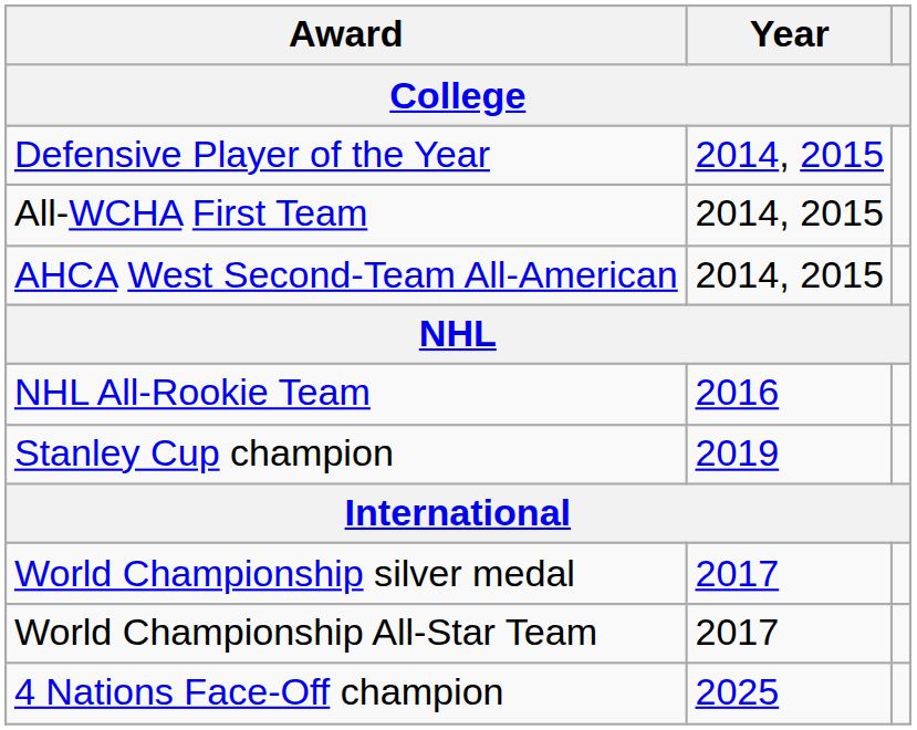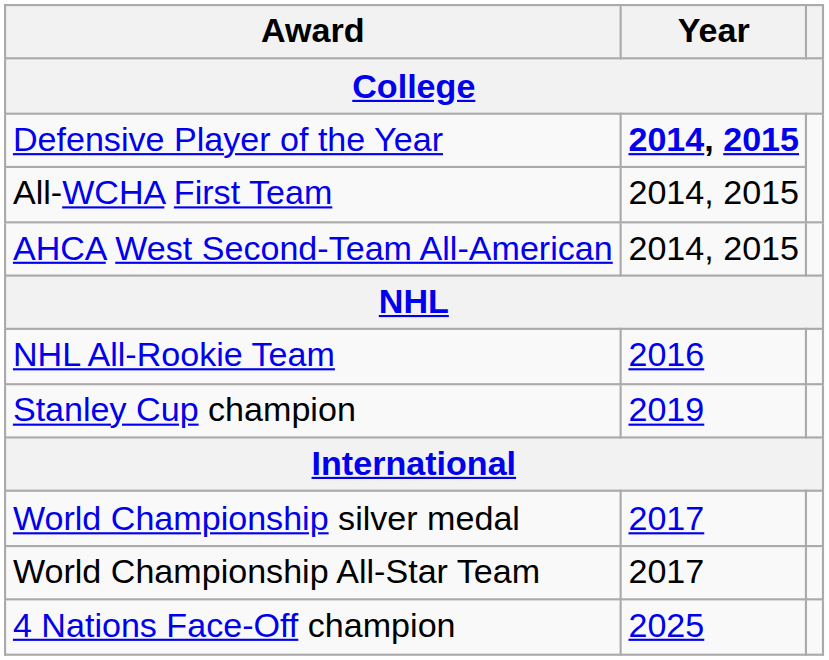 <table class="wikitable">
 <tr>
 <th>Award</th>
 <th>Year</th>
 <th></th>
 </tr>
 <tr>
 <th colspan="3"><a href='#'>College</a></th>
 </tr>
 <tr>
 <td><a href='#'>Defensive Player of the Year</a></td>
-<td><a href='#'>2014</a>, <a href='#'>2015</a></td>
+<td><strong><a href='#'>2014</a>, <a href='#'>2015</a></strong></td>
 <td rowspan="2"></td>
 </tr>
 <tr>
 <td>All-<a href='#'>WCHA</a> <a href='#'>First Team</a></td>
 <td>2014, 2015</td>
 </tr>
 <tr>
 <td><a href='#'>AHCA</a> <a href='#'>West Second-Team All-American</a></td>
 <td>2014, 2015</td>
 <td></td>
 </tr>
 <tr>
 <th colspan="3"><a href='#'>NHL</a></th>
 </tr>
 <tr>
 <td><a href='#'>NHL All-Rookie Team</a></td>
 <td><a href='#'>2016</a></td>
 <td></td>
 </tr>
 <tr>
 <td><a href='#'>Stanley Cup</a> champion</td>
 <td><a href='#'>2019</a></td>
 <td></td>
 </tr>
 <tr>
 <th colspan="3"><a href='#'>International</a></th>
 </tr>
 <tr>
 <td><a href='#'>World Championship</a> silver medal</td>
 <td><a href='#'>2017</a></td>
 <td></td>
 </tr>
 <tr>
 <td>World Championship All-Star Team</td>
 <td>2017</td>
 <td></td>
 </tr>
 <tr>
 <td><a href='#'>4 Nations Face-Off</a> champion</td>
 <td><a href='#'>2025</a></td>
 <td></td>
 </tr>
 </table>
